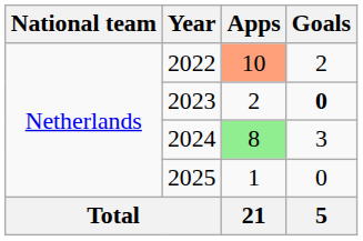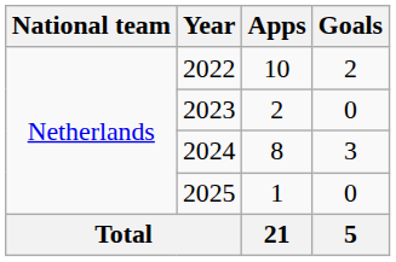 <table class="wikitable" style="text-align:center">
 <tr>
 <th>National team</th>
 <th>Year</th>
 <th>Apps</th>
 <th>Goals</th>
 </tr>
 <tr>
 <td rowspan="4"><a href='#'>Netherlands</a></td>
 <td>2022</td>
-<td style="background: lightsalmon;">10</td>
+<td>10</td>
 <td>2</td>
 </tr>
 <tr>
 <td>2023</td>
 <td>2</td>
-<td><strong>0</strong></td>
+<td>0</td>
 </tr>
 <tr>
 <td>2024</td>
-<td style="background: lightgreen;">8</td>
+<td>8</td>
 <td>3</td>
 </tr>
 <tr>
 <td>2025</td>
 <td>1</td>
 <td>0</td>
 </tr>
 <tr>
 <th colspan="2">Total</th>
 <th>21</th>
 <th>5</th>
 </tr>
 </table>
